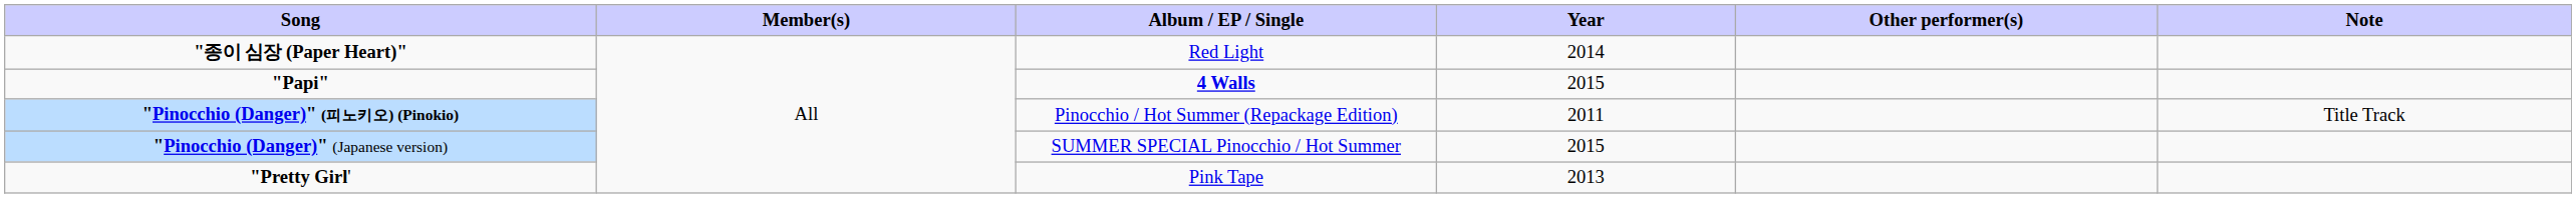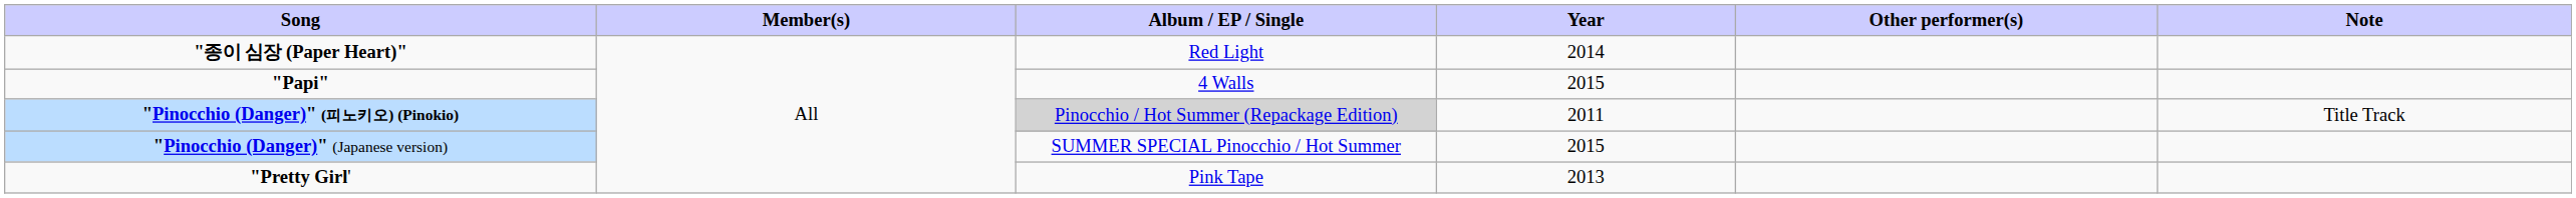 <table class="wikitable" style="margin:0.5em auto; clear:both; font-size:.9em; text-align:center; width:100%">
 <tr>
 <th width="500" style="background: #CCCCFF;">Song</th>
 <th width="350" style="background: #CCCCFF;">Member(s)</th>
 <th width="350" style="background: #CCCCFF;">Album / EP / Single</th>
 <th width="250" style="background: #CCCCFF;">Year</th>
 <th width="350" style="background: #CCCCFF;">Other performer(s)</th>
 <th width="350" style="background: #CCCCFF;">Note</th>
 </tr>
 <tr>
 <td><strong>"종이 심장 (Paper Heart)"</strong></td>
 <td rowspan="5">All</td>
 <td><a href='#'>Red Light</a></td>
 <td>2014</td>
 <td></td>
 <td></td>
 </tr>
 <tr>
 <td><strong>"Papi"</strong></td>
-<td><strong><a href='#'>4 Walls</a></strong></td>
+<td><a href='#'>4 Walls</a></td>
 <td>2015</td>
 <td></td>
 <td></td>
 </tr>
 <tr>
 <td style="background: #bbddff"><strong>"<a href='#'>Pinocchio (Danger)</a>"</strong> <small><strong>(피노키오) (Pinokio)</strong></small></td>
-<td><a href='#'>Pinocchio / Hot Summer (Repackage Edition)</a></td>
+<td style="background: lightgrey;"><a href='#'>Pinocchio / Hot Summer (Repackage Edition)</a></td>
 <td>2011</td>
 <td></td>
 <td>Title Track</td>
 </tr>
 <tr>
 <td style="background: #bbddff"><strong>"<a href='#'>Pinocchio (Danger)</a>"</strong> <small>(Japanese version)</small></td>
 <td><a href='#'>SUMMER SPECIAL Pinocchio / Hot Summer</a></td>
 <td>2015</td>
 <td></td>
 <td></td>
 </tr>
 <tr>
 <td><strong>"Pretty Girl</strong>'</td>
 <td><a href='#'>Pink Tape</a></td>
 <td>2013</td>
 <td></td>
 <td></td>
 </tr>
 </table>
